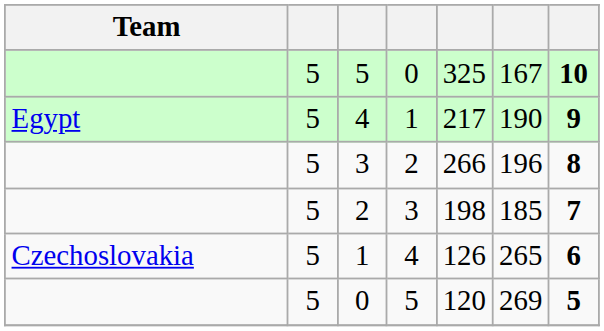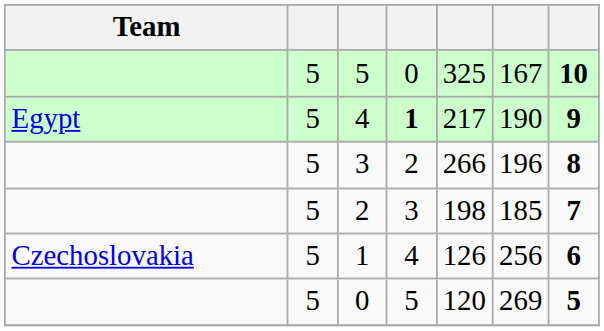 <table class="wikitable" style="text-align:center;">
 <tr>
 <th width="150">Team</th>
 <th width="20"></th>
 <th width="20"></th>
 <th width="20"></th>
 <th width="20"></th>
 <th width="20"></th>
 <th width="20"></th>
 </tr>
 <tr bgcolor=ccffcc>
 <td align="left"></td>
 <td>5</td>
 <td>5</td>
 <td>0</td>
 <td>325</td>
 <td>167</td>
 <td><strong>10</strong></td>
 </tr>
 <tr bgcolor=#ccffcc>
 <td align="left"> <a href='#'>Egypt</a></td>
 <td>5</td>
 <td>4</td>
-<td>1</td>
+<td><strong>1</strong></td>
 <td>217</td>
 <td>190</td>
 <td><strong>9</strong></td>
 </tr>
 <tr>
 <td align="left"></td>
 <td>5</td>
 <td>3</td>
 <td>2</td>
 <td>266</td>
 <td>196</td>
 <td><strong>8</strong></td>
 </tr>
 <tr>
 <td align="left"></td>
 <td>5</td>
 <td>2</td>
 <td>3</td>
 <td>198</td>
 <td>185</td>
 <td><strong>7</strong></td>
 </tr>
 <tr>
 <td align="left"> <a href='#'>Czechoslovakia</a></td>
 <td>5</td>
 <td>1</td>
 <td>4</td>
 <td>126</td>
-<td>265</td>
+<td>256</td>
 <td><strong>6</strong></td>
 </tr>
 <tr>
 <td align="left"></td>
 <td>5</td>
 <td>0</td>
 <td>5</td>
 <td>120</td>
 <td>269</td>
 <td><strong>5</strong></td>
 </tr>
 <tr>
 </tr>
 </table>
